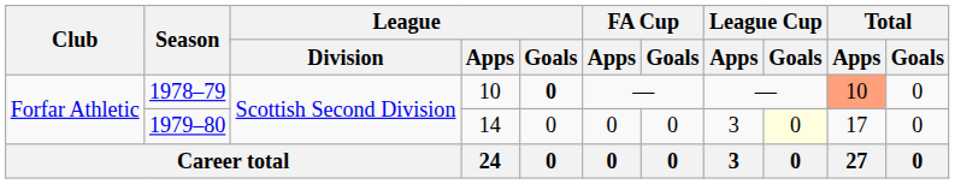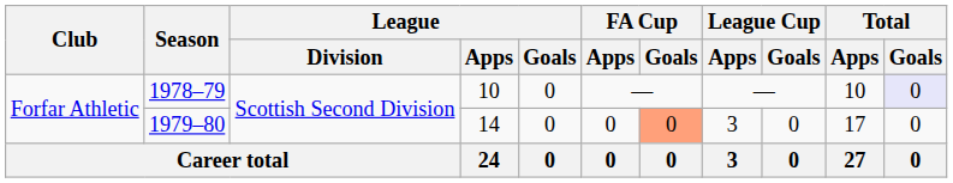 <table class="wikitable" style="text-align: center;">
 <tr>
 <th rowspan="2">Club</th>
 <th rowspan="2">Season</th>
 <th colspan="3">League</th>
 <th colspan="2">FA Cup</th>
 <th colspan="2">League Cup</th>
 <th colspan="2">Total</th>
 </tr>
 <tr>
 <th>Division</th>
 <th>Apps</th>
 <th>Goals</th>
 <th>Apps</th>
 <th>Goals</th>
 <th>Apps</th>
 <th>Goals</th>
 <th>Apps</th>
 <th>Goals</th>
 </tr>
 <tr>
 <td rowspan="2"><a href='#'>Forfar Athletic</a></td>
 <td><a href='#'>1978–79</a></td>
 <td rowspan="2"><a href='#'>Scottish Second Division</a></td>
 <td>10</td>
-<td><strong>0</strong></td>
+<td>0</td>
 <td colspan="2">—</td>
 <td colspan="2">—</td>
-<td style="background: lightsalmon;">10</td>
-<td>0</td>
+<td>10</td>
+<td style="background: lavender;">0</td>
 </tr>
 <tr>
 <td><a href='#'>1979–80</a></td>
 <td>14</td>
 <td>0</td>
 <td>0</td>
+<td style="background: lightsalmon;">0</td>
+<td>3</td>
 <td>0</td>
-<td>3</td>
-<td style="background: lightyellow;">0</td>
 <td>17</td>
 <td>0</td>
 </tr>
 <tr>
 <th colspan="3">Career total</th>
 <th>24</th>
 <th>0</th>
 <th>0</th>
 <th>0</th>
 <th>3</th>
 <th>0</th>
 <th>27</th>
 <th>0</th>
 </tr>
 </table>
